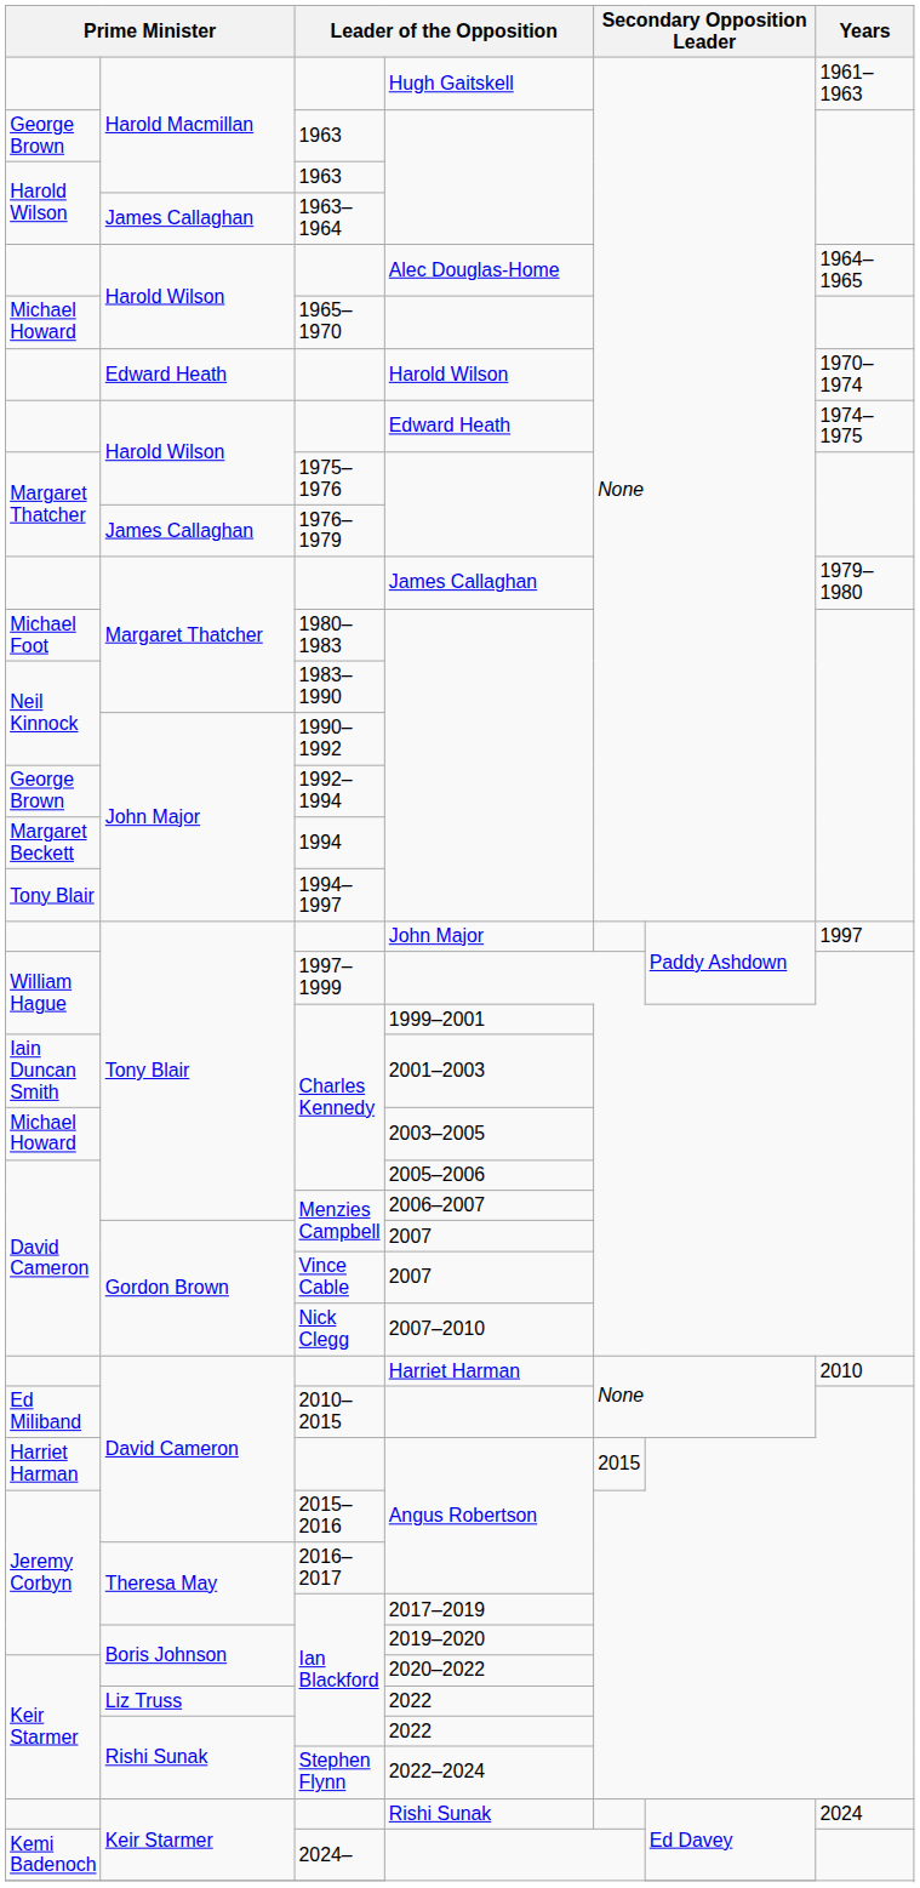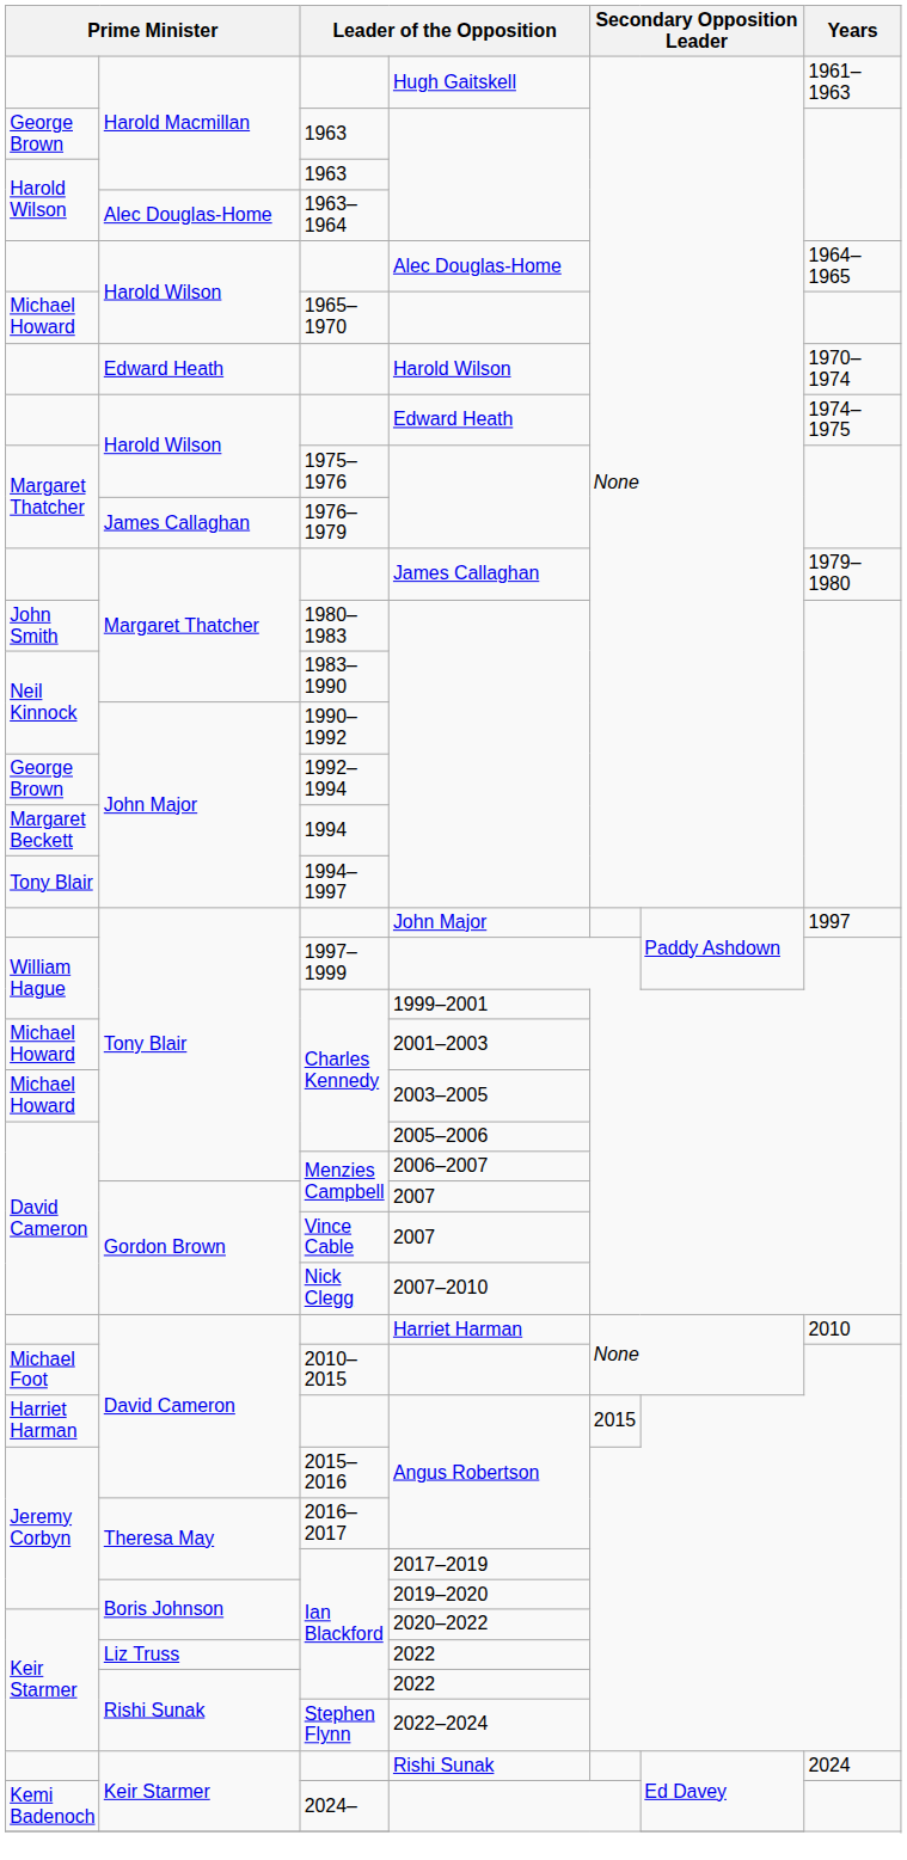 <table class="wikitable" style="width: 60%;">
 <tr>
 <th style="width: 100px;" colspan="2">Prime Minister</th>
 <th style="width: 100px;" colspan="2">Leader of the Opposition</th>
 <th style="width: 100px;" colspan="2">Secondary Opposition Leader</th>
 <th style="width: 75px;">Years</th>
 </tr>
 <tr>
 <td width="1"></td>
 <td rowspan="3"><a href='#'>Harold Macmillan</a></td>
 <td width="1"></td>
 <td><a href='#'>Hugh Gaitskell</a></td>
 <td rowspan="17" colspan="2"><em>None</em></td>
 <td>1961–1963</td>
 </tr>
 <tr>
 <td><a href='#'>George Brown</a></td>
 <td>1963</td>
 </tr>
 <tr>
 <td rowspan="2"><a href='#'>Harold Wilson</a></td>
 <td>1963</td>
 </tr>
 <tr>
-<td><a href='#'>James Callaghan</a></td>
+<td><a href='#'>Alec Douglas-Home</a></td>
 <td>1963–1964</td>
 </tr>
 <tr>
 <td width="1"></td>
 <td rowspan="2"><a href='#'>Harold Wilson</a></td>
 <td width="1"></td>
 <td><a href='#'>Alec Douglas-Home</a></td>
 <td>1964–1965</td>
 </tr>
 <tr>
 <td><a href='#'>Michael Howard</a></td>
 <td>1965–1970<br></td>
 </tr>
 <tr>
 <td width="1" style="color:inherit;background:"></td>
 <td><a href='#'>Edward Heath</a></td>
 <td width="1" style="color:inherit;background:"></td>
 <td><a href='#'>Harold Wilson</a></td>
 <td>1970–1974</td>
 </tr>
 <tr>
 <td width="1"></td>
 <td rowspan="2"><a href='#'>Harold Wilson</a></td>
 <td width="1"></td>
 <td><a href='#'>Edward Heath</a></td>
 <td>1974–1975</td>
 </tr>
 <tr>
 <td rowspan="2"><a href='#'>Margaret Thatcher</a></td>
 <td>1975–1976</td>
 </tr>
 <tr>
 <td><a href='#'>James Callaghan</a></td>
 <td>1976–1979</td>
 </tr>
 <tr>
 <td width="1"></td>
 <td rowspan="3"><a href='#'>Margaret Thatcher</a></td>
 <td width="1"></td>
 <td><a href='#'>James Callaghan</a></td>
 <td>1979–1980</td>
 </tr>
 <tr>
-<td><a href='#'>Michael Foot</a></td>
+<td><a href='#'>John Smith</a></td>
 <td>1980–1983</td>
 </tr>
 <tr>
 <td rowspan="2"><a href='#'>Neil Kinnock</a></td>
 <td>1983–1990</td>
 </tr>
 <tr>
 <td rowspan="4"><a href='#'>John Major</a></td>
 <td>1990–1992</td>
 </tr>
 <tr>
 <td><a href='#'>George Brown</a></td>
 <td>1992–1994</td>
 </tr>
 <tr>
 <td><a href='#'>Margaret Beckett</a></td>
 <td>1994</td>
 </tr>
 <tr>
 <td><a href='#'>Tony Blair</a></td>
 <td>1994–1997</td>
 </tr>
 <tr>
 <td width="1"></td>
 <td rowspan="7"><a href='#'>Tony Blair</a></td>
 <td width="1"></td>
 <td><a href='#'>John Major</a></td>
 <td width="1"></td>
 <td rowspan="2"><a href='#'>Paddy Ashdown</a></td>
 <td>1997</td>
 </tr>
 <tr>
 <td rowspan="2"><a href='#'>William Hague</a></td>
 <td>1997–1999</td>
 </tr>
 <tr>
 <td rowspan="4"><a href='#'>Charles Kennedy</a></td>
 <td>1999–2001</td>
 </tr>
 <tr>
-<td><a href='#'>Iain Duncan Smith</a></td>
+<td><a href='#'>Michael Howard</a></td>
 <td>2001–2003</td>
 </tr>
 <tr>
 <td><a href='#'>Michael Howard</a></td>
 <td>2003–2005</td>
 </tr>
 <tr>
 <td rowspan="5"><a href='#'>David Cameron</a></td>
 <td>2005–2006</td>
 </tr>
 <tr>
 <td rowspan="2"><a href='#'>Menzies Campbell</a></td>
 <td>2006–2007</td>
 </tr>
 <tr>
 <td rowspan="3"><a href='#'>Gordon Brown</a></td>
 <td>2007</td>
 </tr>
 <tr>
 <td><a href='#'>Vince Cable</a></td>
 <td>2007</td>
 </tr>
 <tr>
 <td><a href='#'>Nick Clegg</a></td>
 <td>2007–2010</td>
 </tr>
 <tr>
 <td width="1"></td>
 <td rowspan="4"><a href='#'>David Cameron</a></td>
 <td width="1"></td>
 <td><a href='#'>Harriet Harman</a></td>
 <td rowspan="2" colspan="2"><em>None</em></td>
 <td>2010</td>
 </tr>
 <tr>
-<td><a href='#'>Ed Miliband</a></td>
+<td><a href='#'>Michael Foot</a></td>
 <td>2010–2015</td>
 </tr>
 <tr>
 <td><a href='#'>Harriet Harman</a></td>
 <td width="1"></td>
 <td rowspan="3"><a href='#'>Angus Robertson</a></td>
 <td>2015</td>
 </tr>
 <tr>
 <td rowspan="4"><a href='#'>Jeremy Corbyn</a></td>
 <td>2015–2016</td>
 </tr>
 <tr>
 <td rowspan="2"><a href='#'>Theresa May</a></td>
 <td>2016–2017</td>
 </tr>
 <tr>
 <td rowspan="5"><a href='#'>Ian Blackford</a></td>
 <td>2017–2019</td>
 </tr>
 <tr>
 <td rowspan="2"><a href='#'>Boris Johnson</a></td>
 <td>2019–2020</td>
 </tr>
 <tr>
 <td rowspan="4"><a href='#'>Keir Starmer</a></td>
 <td>2020–2022</td>
 </tr>
 <tr>
 <td><a href='#'>Liz Truss</a></td>
 <td>2022</td>
 </tr>
 <tr>
 <td rowspan="2"><a href='#'>Rishi Sunak</a></td>
 <td>2022</td>
 </tr>
 <tr>
 <td><a href='#'>Stephen Flynn</a></td>
 <td>2022–2024</td>
 </tr>
 <tr>
 <td width="1"></td>
 <td rowspan="2"><a href='#'>Keir Starmer</a></td>
 <td width="1"></td>
 <td><a href='#'>Rishi Sunak</a></td>
 <td width="1"></td>
 <td rowspan="2"><a href='#'>Ed Davey</a></td>
 <td>2024</td>
 </tr>
 <tr>
 <td><a href='#'>Kemi Badenoch</a></td>
 <td>2024–</td>
 </tr>
 <tr>
 </tr>
 </table>
